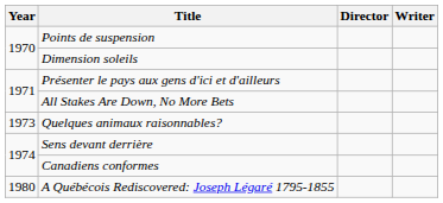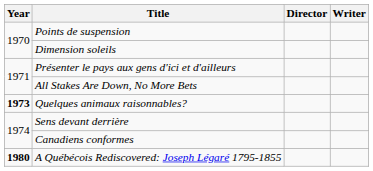 <table class="wikitable">
 <tr>
 <th>Year</th>
 <th>Title</th>
 <th>Director</th>
 <th>Writer</th>
 </tr>
 <tr>
 <td rowspan=2>1970</td>
 <td><em>Points de suspension</em></td>
 <td></td>
 <td></td>
 </tr>
 <tr>
 <td><em>Dimension soleils</em></td>
 <td></td>
 <td></td>
 </tr>
 <tr>
 <td rowspan=2>1971</td>
 <td><em>Présenter le pays aux gens d'ici et d'ailleurs</em></td>
 <td></td>
 <td></td>
 </tr>
 <tr>
 <td><em>All Stakes Are Down, No More Bets</em></td>
 <td></td>
 <td></td>
 </tr>
 <tr>
-<td>1973</td>
+<td><strong>1973</strong></td>
 <td><em>Quelques animaux raisonnables?</em></td>
 <td></td>
 <td></td>
 </tr>
 <tr>
 <td rowspan=2>1974</td>
 <td><em>Sens devant derrière</em></td>
 <td></td>
 <td></td>
 </tr>
 <tr>
 <td><em>Canadiens conformes</em></td>
 <td></td>
 <td></td>
 </tr>
 <tr>
-<td>1980</td>
+<td><strong>1980</strong></td>
 <td><em>A Québécois Rediscovered: <a href='#'>Joseph Légaré</a> 1795-1855</em></td>
 <td></td>
 <td></td>
 </tr>
 </table>
